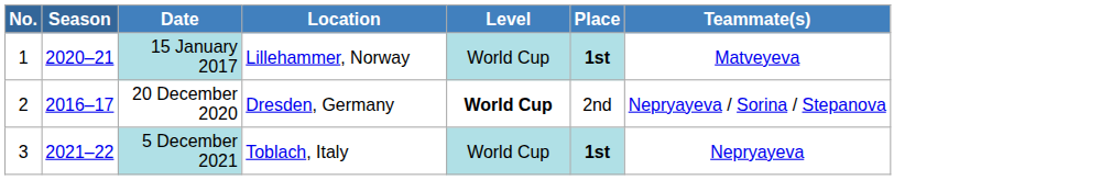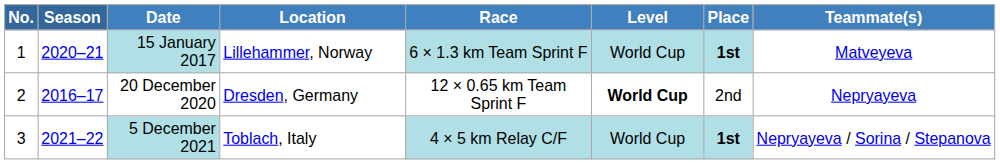 <table class="wikitable sortable" style="font-size:95%; text-align:center; border:grey solid 1px; border-collapse:collapse; background:#ffffff;">
 <tr style="background:#efefef;">
 <th style="background-color:#369; color:white;">No.</th>
 <th style="background-color:#369; color:white;">Season</th>
 <th style="background-color:#4180be; color:white; width:100px;">Date</th>
 <th style="background-color:#4180be; color:white; width:170px;">Location</th>
+<th style="background-color:#4180be; color:white; width:170px;">Race</th>
 <th style="background-color:#4180be; color:white; width:100px;">Level</th>
 <th style="background-color:#4180be; color:white;">Place</th>
 <th style="background-color:#4180be; color:white;">Teammate(s)</th>
 </tr>
 <tr>
 <td align=center>1</td>
 <td align=center><a href='#'>2020–21</a></td>
 <td bgcolor="#BOEOE6" align=right>15 January 2017</td>
 <td align=left> <a href='#'>Lillehammer</a>, Norway</td>
+<td bgcolor="#BOEOE6">6 × 1.3 km Team Sprint F</td>
 <td bgcolor="#BOEOE6">World Cup</td>
 <td bgcolor="#BOEOE6"><strong>1st</strong></td>
 <td><a href='#'>Matveyeva</a></td>
 </tr>
 <tr>
 <td align=center>2</td>
 <td align=center><a href='#'>2016–17</a></td>
 <td align=right>20 December 2020</td>
 <td align=left> <a href='#'>Dresden</a>, Germany</td>
+<td>12 × 0.65 km Team Sprint F</td>
 <td><strong>World Cup</strong></td>
 <td>2nd</td>
-<td><a href='#'>Nepryayeva</a> / <a href='#'>Sorina</a> / <a href='#'>Stepanova</a></td>
+<td><a href='#'>Nepryayeva</a></td>
 </tr>
 <tr>
 <td align=center>3</td>
 <td align=center><a href='#'>2021–22</a></td>
 <td bgcolor="#BOEOE6" align=right>5 December 2021</td>
 <td align=left> <a href='#'>Toblach</a>, Italy</td>
+<td bgcolor="#BOEOE6">4 × 5 km Relay C/F</td>
 <td bgcolor="#BOEOE6">World Cup</td>
 <td bgcolor="#BOEOE6"><strong>1st</strong></td>
-<td><a href='#'>Nepryayeva</a></td>
+<td><a href='#'>Nepryayeva</a> / <a href='#'>Sorina</a> / <a href='#'>Stepanova</a></td>
 </tr>
 </table>
